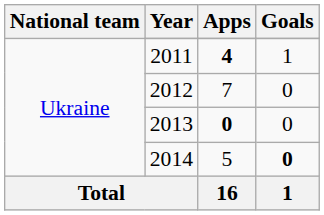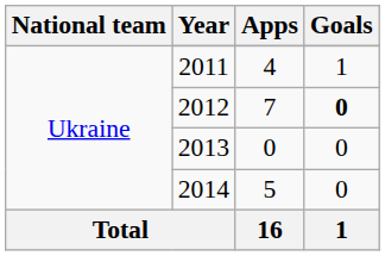 <table class=wikitable style=text-align:center>
 <tr>
 <th>National team</th>
 <th>Year</th>
 <th>Apps</th>
 <th>Goals</th>
 </tr>
 <tr>
 <td rowspan=5><a href='#'>Ukraine</a></td>
 </tr>
 <tr>
 <td>2011</td>
-<td><strong>4</strong></td>
+<td>4</td>
 <td>1</td>
 </tr>
 <tr>
 <td>2012</td>
 <td>7</td>
-<td>0</td>
+<td><strong>0</strong></td>
 </tr>
 <tr>
 <td>2013</td>
-<td><strong>0</strong></td>
+<td>0</td>
 <td>0</td>
 </tr>
 <tr>
 <td>2014</td>
 <td>5</td>
-<td><strong>0</strong></td>
+<td>0</td>
 </tr>
 <tr>
 <th colspan=2>Total</th>
 <th>16</th>
 <th>1</th>
 </tr>
 </table>
